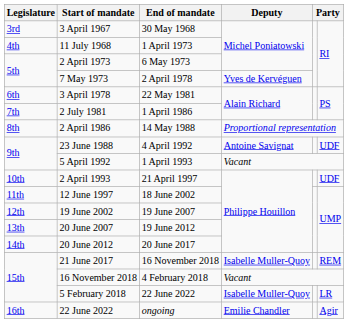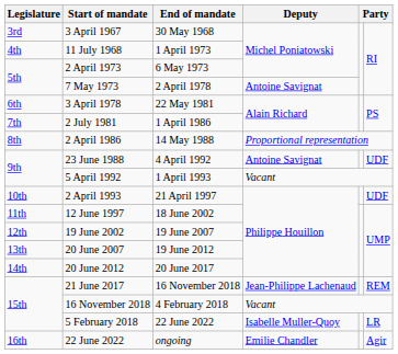 <table class="wikitable" style="font-size:95%;">
 <tr>
 <th>Legislature</th>
 <th>Start of mandate</th>
 <th>End of mandate</th>
 <th>Deputy</th>
 <th colspan="2">Party</th>
 </tr>
 <tr>
 <td><a href='#'>3rd</a></td>
 <td>3 April 1967</td>
 <td>30 May 1968</td>
 <td rowspan="3"><a href='#'>Michel Poniatowski</a></td>
 <td rowspan="4" style="color:inherit;background:"></td>
 <td rowspan="4"><a href='#'>RI</a></td>
 </tr>
 <tr>
 <td><a href='#'>4th</a></td>
 <td>11 July 1968</td>
 <td>1 April 1973</td>
 </tr>
 <tr>
 <td rowspan="2"><a href='#'>5th</a></td>
 <td>2 April 1973</td>
 <td>6 May 1973</td>
 </tr>
 <tr>
 <td>7 May 1973</td>
 <td>2 April 1978</td>
-<td><a href='#'>Yves de Kervéguen</a></td>
+<td><a href='#'>Antoine Savignat</a></td>
 </tr>
 <tr>
 <td><a href='#'>6th</a></td>
 <td>3 April 1978</td>
 <td>22 May 1981</td>
 <td rowspan="2"><a href='#'>Alain Richard</a></td>
 <td rowspan="2" style="color:inherit;background:"></td>
 <td rowspan="2"><a href='#'>PS</a></td>
 </tr>
 <tr>
 <td><a href='#'>7th</a></td>
 <td>2 July 1981</td>
 <td>1 April 1986</td>
 </tr>
 <tr>
 <td><a href='#'>8th</a></td>
 <td>2 April 1986</td>
 <td>14 May 1988</td>
 <td colspan="3"><em><a href='#'>Proportional representation</a></em></td>
 </tr>
 <tr>
 <td rowspan="2"><a href='#'>9th</a></td>
 <td>23 June 1988</td>
 <td>4 April 1992</td>
 <td><a href='#'>Antoine Savignat</a></td>
 <td style="color:inherit;background:"></td>
 <td><a href='#'>UDF</a></td>
 </tr>
 <tr>
 <td>5 April 1992</td>
 <td>1 April 1993</td>
 <td colspan="3"><em>Vacant</em></td>
 </tr>
 <tr>
 <td><a href='#'>10th</a></td>
 <td>2 April 1993</td>
 <td>21 April 1997</td>
 <td rowspan="5"><a href='#'>Philippe Houillon</a></td>
 <td style="color:inherit;background:"></td>
 <td><a href='#'>UDF</a></td>
 </tr>
 <tr>
 <td><a href='#'>11th</a></td>
 <td>12 June 1997</td>
 <td>18 June 2002</td>
 <td rowspan="4" style="color:inherit;background:"></td>
 <td rowspan="4"><a href='#'>UMP</a></td>
 </tr>
 <tr>
 <td><a href='#'>12th</a></td>
 <td>19 June 2002</td>
 <td>19 June 2007</td>
 </tr>
 <tr>
 <td><a href='#'>13th</a></td>
 <td>20 June 2007</td>
 <td>19 June 2012</td>
 </tr>
 <tr>
 <td><a href='#'>14th</a></td>
 <td>20 June 2012</td>
 <td>20 June 2017</td>
 </tr>
 <tr>
 <td rowspan="3"><a href='#'>15th</a></td>
 <td>21 June 2017</td>
 <td>16 November 2018</td>
-<td><a href='#'>Isabelle Muller-Quoy</a></td>
+<td><a href='#'>Jean-Philippe Lachenaud</a></td>
 <td style="color:inherit;background:"></td>
 <td><a href='#'>REM</a></td>
 </tr>
 <tr>
 <td>16 November 2018</td>
 <td>4 February 2018</td>
 <td colspan="3"><em>Vacant</em></td>
 </tr>
 <tr>
 <td>5 February 2018</td>
 <td>22 June 2022</td>
 <td><a href='#'>Isabelle Muller-Quoy</a></td>
 <td style="color:inherit;background:"></td>
 <td><a href='#'>LR</a></td>
 </tr>
 <tr>
 <td><a href='#'>16th</a></td>
 <td>22 June 2022</td>
 <td><em>ongoing</em></td>
 <td><a href='#'>Emilie Chandler</a></td>
 <td style="color:inherit;background:"></td>
 <td><a href='#'>Agir</a></td>
 </tr>
 </table>
